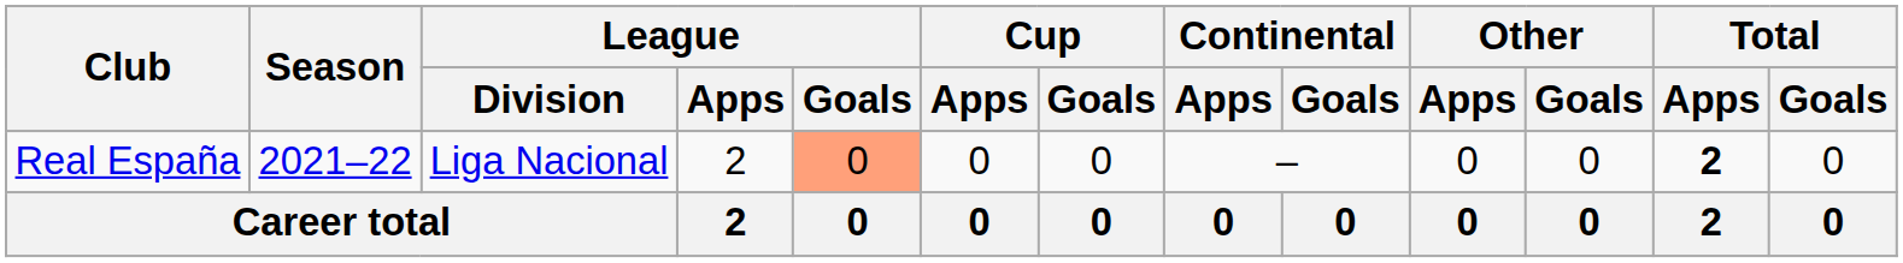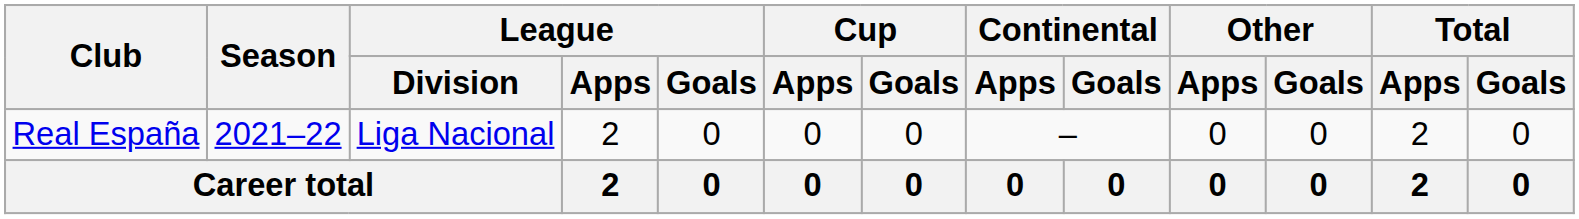 <table class="wikitable" style="text-align: center">
 <tr>
 <th rowspan="2">Club</th>
 <th rowspan="2">Season</th>
 <th colspan="3">League</th>
 <th colspan="2">Cup</th>
 <th colspan="2">Continental</th>
 <th colspan="2">Other</th>
 <th colspan="2">Total</th>
 </tr>
 <tr>
 <th>Division</th>
 <th>Apps</th>
 <th>Goals</th>
 <th>Apps</th>
 <th>Goals</th>
 <th>Apps</th>
 <th>Goals</th>
 <th>Apps</th>
 <th>Goals</th>
 <th>Apps</th>
 <th>Goals</th>
 </tr>
 <tr>
 <td><a href='#'>Real España</a></td>
 <td><a href='#'>2021–22</a></td>
 <td><a href='#'>Liga Nacional</a></td>
 <td>2</td>
-<td style="background: lightsalmon;">0</td>
+<td>0</td>
 <td>0</td>
 <td>0</td>
 <td colspan="2">–</td>
 <td>0</td>
 <td>0</td>
-<td><strong>2</strong></td>
+<td>2</td>
 <td>0</td>
 </tr>
 <tr>
 <th colspan=3>Career total</th>
 <th>2</th>
 <th>0</th>
 <th>0</th>
 <th>0</th>
 <th>0</th>
 <th>0</th>
 <th>0</th>
 <th>0</th>
 <th>2</th>
 <th>0</th>
 </tr>
 </table>
